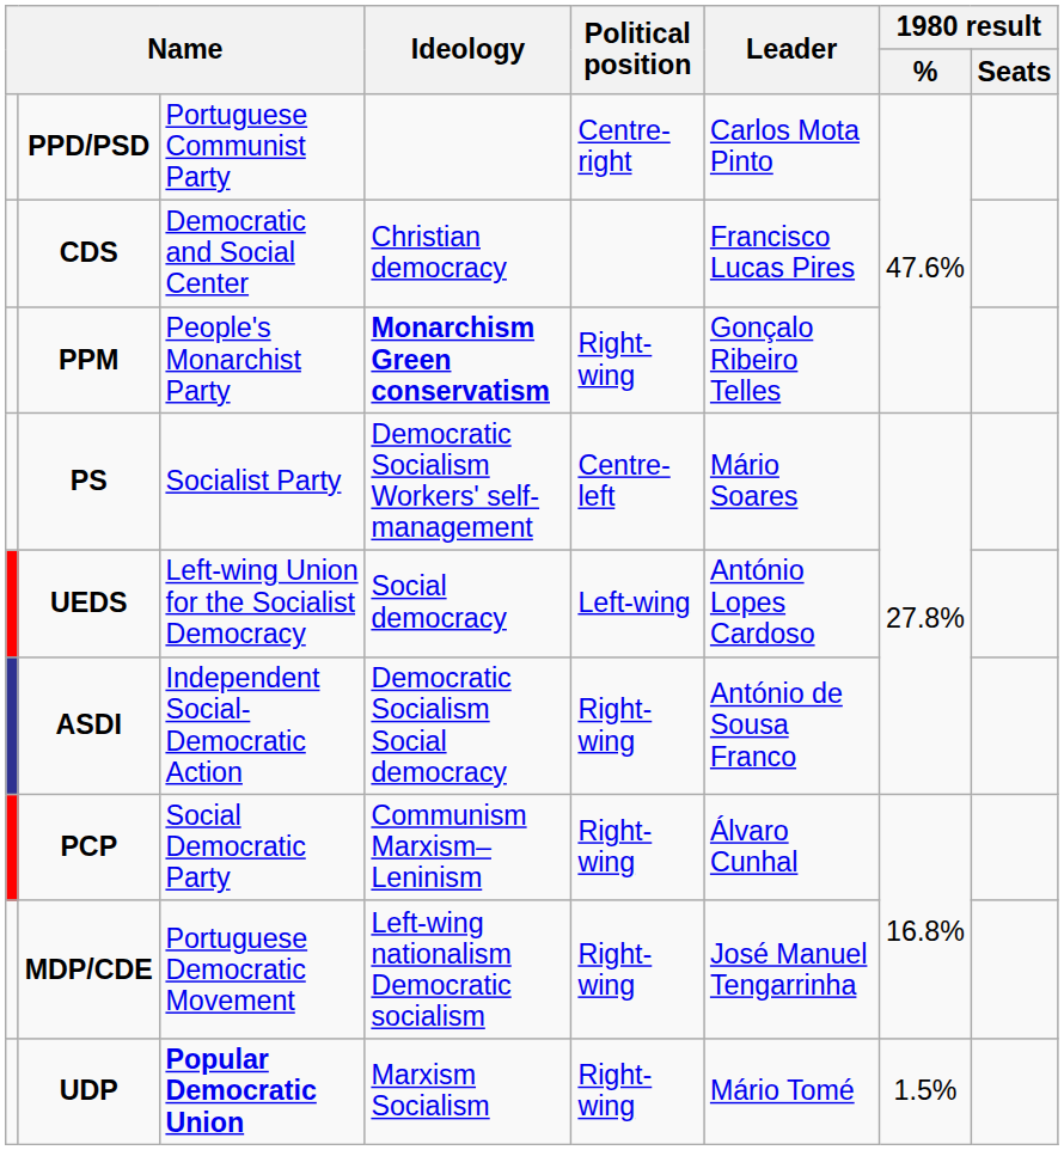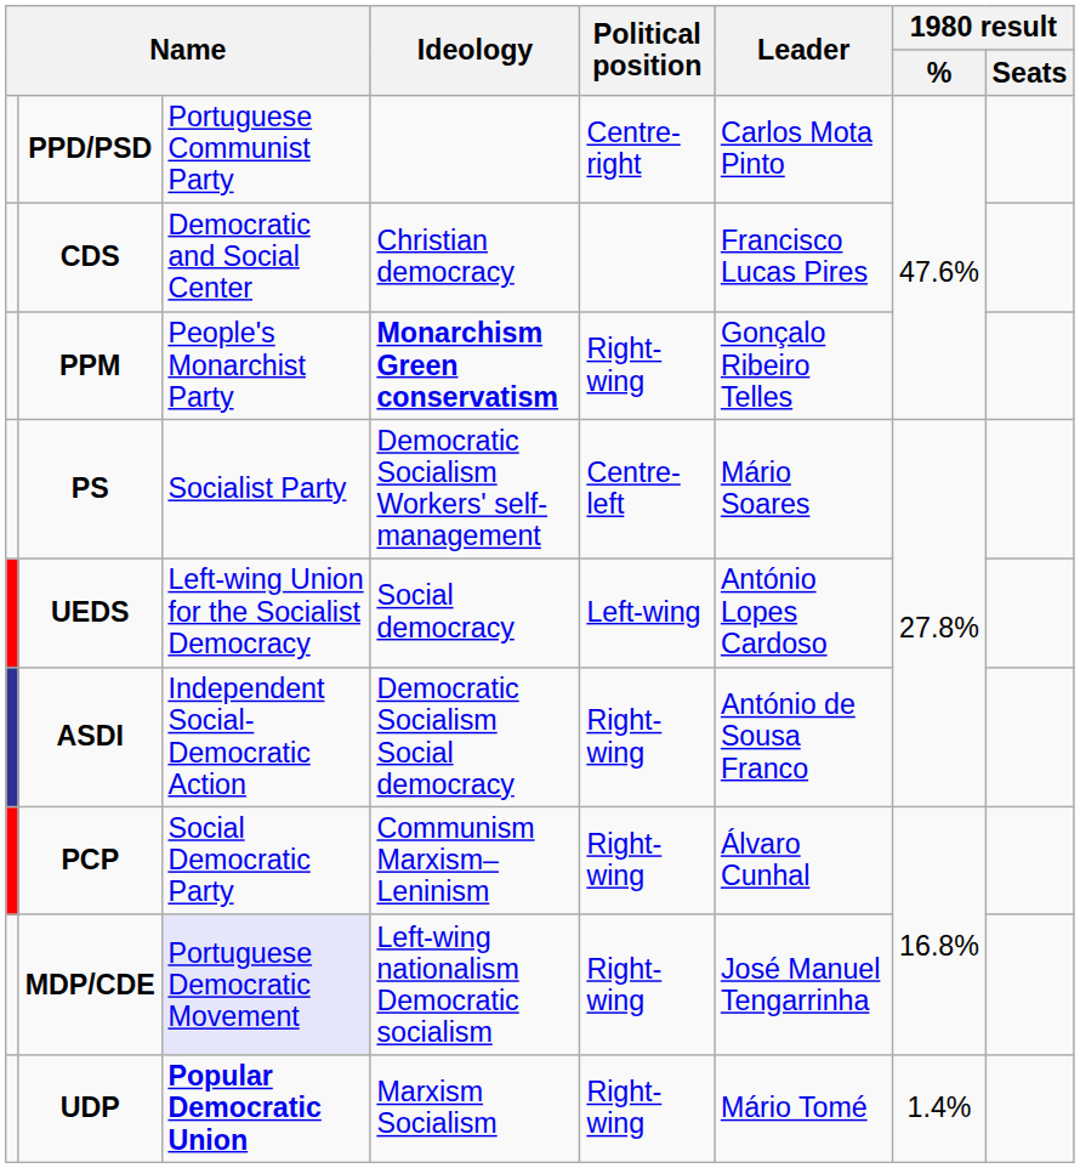 <table class="wikitable">
 <tr>
 <th rowspan="2" colspan="3">Name</th>
 <th rowspan="2">Ideology</th>
 <th rowspan="2">Political position</th>
 <th rowspan="2">Leader</th>
 <th colspan="2">1980 result</th>
 </tr>
 <tr>
 <th>%</th>
 <th>Seats</th>
 </tr>
 <tr>
 <td style="color:inherit;background:"></td>
 <td style="text-align:center;"><strong>PPD/PSD</strong></td>
 <td><a href='#'>Portuguese Communist Party</a><br></td>
 <td></td>
 <td><a href='#'>Centre-right</a></td>
 <td><a href='#'>Carlos Mota Pinto</a></td>
 <td rowspan="3" style="text-align:center;"><br>47.6%<br></td>
 <td></td>
 </tr>
 <tr>
 <td style="color:inherit;background:"></td>
 <td style="text-align:center;"><strong>CDS</strong></td>
 <td><a href='#'>Democratic and Social Center</a><br></td>
 <td><a href='#'>Christian democracy</a></td>
 <td></td>
 <td><a href='#'>Francisco Lucas Pires</a></td>
 <td></td>
 </tr>
 <tr>
 <td style="color:inherit;background:"></td>
 <td style="text-align:center;"><strong>PPM</strong></td>
 <td><a href='#'>People's Monarchist Party</a><br></td>
 <td><strong><a href='#'>Monarchism</a><br><a href='#'>Green conservatism</a></strong></td>
 <td><a href='#'>Right-wing</a></td>
 <td><a href='#'>Gonçalo Ribeiro Telles</a></td>
 <td></td>
 </tr>
 <tr>
 <td style="color:inherit;background:"></td>
 <td style="text-align:center;"><strong>PS</strong></td>
 <td><a href='#'>Socialist Party</a><br></td>
 <td><a href='#'>Democratic Socialism</a><br><a href='#'>Workers' self-management</a></td>
 <td><a href='#'>Centre-left</a></td>
 <td><a href='#'>Mário Soares</a></td>
 <td rowspan="3" style="text-align:center;"><br>27.8%<br></td>
 <td></td>
 </tr>
 <tr>
 <td style="background:Red;"></td>
 <td style="text-align:center;"><strong>UEDS</strong></td>
 <td><a href='#'>Left-wing Union for the Socialist Democracy</a><br></td>
 <td><a href='#'>Social democracy</a></td>
 <td><a href='#'>Left-wing</a></td>
 <td><a href='#'>António Lopes Cardoso</a></td>
 <td></td>
 </tr>
 <tr>
 <td style="background:#2E3191;"></td>
 <td style="text-align:center;"><strong>ASDI</strong></td>
 <td><a href='#'>Independent Social-Democratic Action</a><br></td>
 <td><a href='#'>Democratic Socialism</a><br><a href='#'>Social democracy</a></td>
 <td><a href='#'>Right-wing</a></td>
 <td><a href='#'>António de Sousa Franco</a></td>
 <td></td>
 </tr>
 <tr>
 <td style="background:#f00;"></td>
 <td style="text-align:center;"><strong>PCP</strong></td>
 <td><a href='#'>Social Democratic Party</a><br></td>
 <td><a href='#'>Communism</a><br><a href='#'>Marxism–Leninism</a></td>
 <td><a href='#'>Right-wing</a></td>
 <td><a href='#'>Álvaro Cunhal</a></td>
 <td rowspan="2" style="text-align:center;"><br>16.8%<br></td>
 <td></td>
 </tr>
 <tr>
 <td style="color:inherit;background:"></td>
 <td style="text-align:center;"><strong>MDP/CDE</strong></td>
-<td><a href='#'>Portuguese Democratic Movement</a><br></td>
+<td style="background: lavender;"><a href='#'>Portuguese Democratic Movement</a><br></td>
 <td><a href='#'>Left-wing nationalism</a><br><a href='#'>Democratic socialism</a></td>
 <td><a href='#'>Right-wing</a></td>
 <td><a href='#'>José Manuel Tengarrinha</a></td>
 <td></td>
 </tr>
 <tr>
 <td style="background:"></td>
 <td style="text-align:center;"><strong>UDP</strong></td>
 <td><strong><a href='#'>Popular Democratic Union</a><br></strong></td>
 <td><a href='#'>Marxism</a><br><a href='#'>Socialism</a></td>
 <td><a href='#'>Right-wing</a></td>
 <td><a href='#'>Mário Tomé</a></td>
-<td style="text-align:center;">1.5%</td>
+<td style="text-align:center;">1.4%</td>
 <td></td>
 </tr>
 </table>
